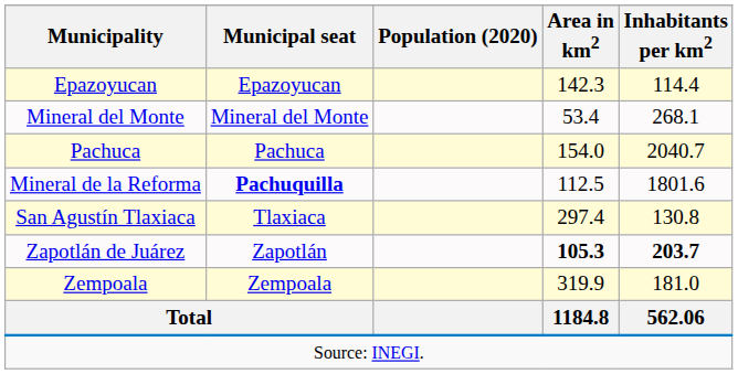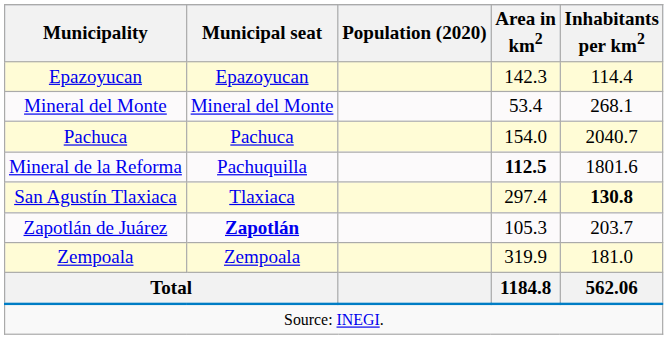 <table class="wikitable">
 <tr>
 </tr>
 <tr style="background:#C7DBF1;" align=center>
 <th>Municipality</th>
 <th>Municipal seat</th>
 <th>Population (2020)</th>
 <th>Area in<br>km<sup>2</sup></th>
 <th>Inhabitants<br>per km<sup>2</sup></th>
 </tr>
 <tr style="background:#FFFCD6;" align=center>
 <td><a href='#'>Epazoyucan</a></td>
 <td><a href='#'>Epazoyucan</a></td>
 <td></td>
 <td>142.3</td>
 <td>114.4</td>
 </tr>
 <tr style="background:#FCFAFB;" align=center>
 <td><a href='#'>Mineral del Monte</a></td>
 <td><a href='#'>Mineral del Monte</a></td>
 <td></td>
 <td>53.4</td>
 <td>268.1</td>
 </tr>
 <tr style="background:#FFFCD6;" align=center>
 <td><a href='#'>Pachuca</a></td>
 <td><a href='#'>Pachuca</a></td>
 <td></td>
 <td>154.0</td>
 <td>2040.7</td>
 </tr>
 <tr style="background:#FCFAFB;" align=center>
 <td><a href='#'>Mineral de la Reforma</a></td>
-<td><strong><a href='#'>Pachuquilla</a></strong></td>
+<td><a href='#'>Pachuquilla</a></td>
 <td></td>
-<td>112.5</td>
+<td><strong>112.5</strong></td>
 <td>1801.6</td>
 </tr>
 <tr style="background:#FFFCD6;" align=center>
 <td><a href='#'>San Agustín Tlaxiaca</a></td>
 <td><a href='#'>Tlaxiaca</a></td>
 <td></td>
 <td>297.4</td>
-<td>130.8</td>
+<td><strong>130.8</strong></td>
 </tr>
 <tr style="background:#FCFAFB;" align=center>
 <td><a href='#'>Zapotlán de Juárez</a></td>
-<td><a href='#'>Zapotlán</a></td>
+<td><strong><a href='#'>Zapotlán</a></strong></td>
 <td></td>
-<td><strong>105.3</strong></td>
-<td><strong>203.7</strong></td>
+<td>105.3</td>
+<td>203.7</td>
 </tr>
 <tr style="background:#FFFCD6;" align=center>
 <td><a href='#'>Zempoala</a></td>
 <td><a href='#'>Zempoala</a></td>
 <td></td>
 <td>319.9</td>
 <td>181.0</td>
 </tr>
 <tr style="background:#C7DBF1;" align=center>
 <th colspan ="2">Total</th>
 <th></th>
 <th>1184.8</th>
 <th>562.06</th>
 </tr>
 <tr>
 <td colspan="9" style="text-align:center; border-top: 2px #007DC5 solid;"><small>Source: <a href='#'>INEGI</a>.</small></td>
 </tr>
 </table>
